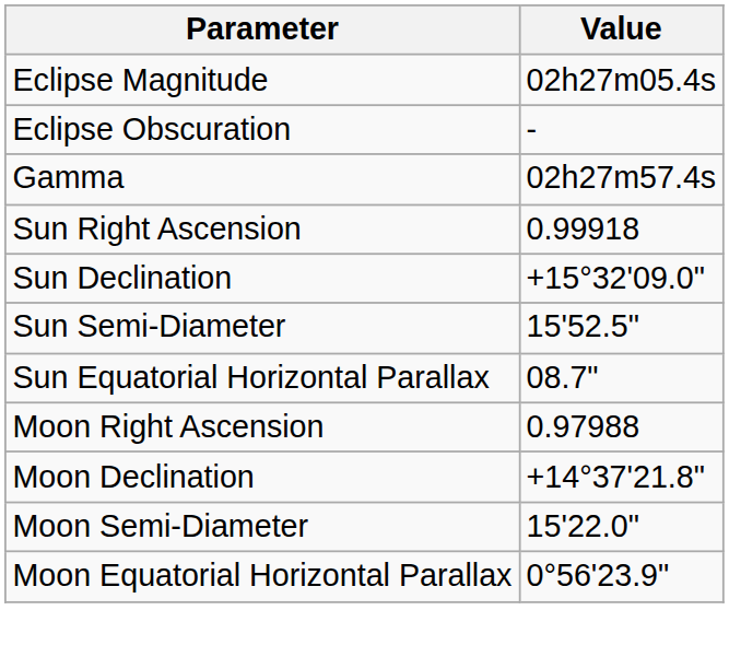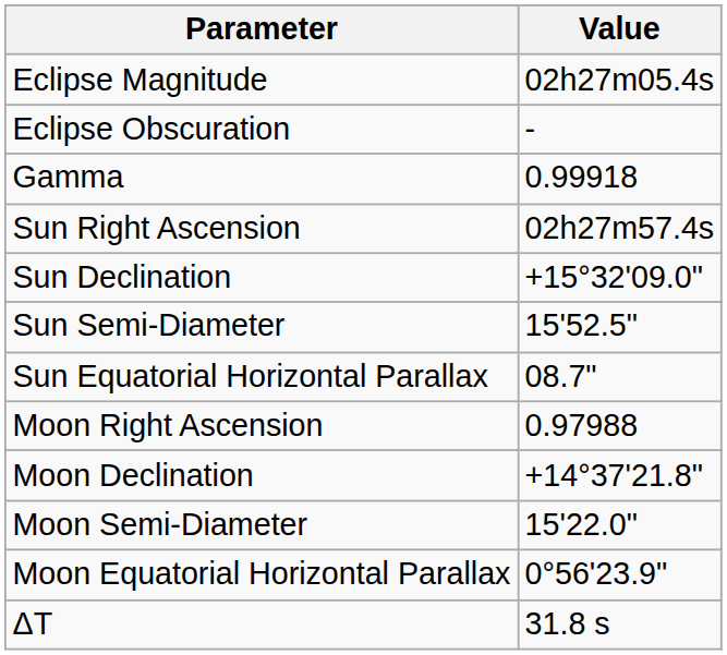 <table class="wikitable">
 <tr>
 <th>Parameter</th>
 <th>Value</th>
 </tr>
 <tr>
 <td>Eclipse Magnitude</td>
 <td>02h27m05.4s</td>
 </tr>
 <tr>
 <td>Eclipse Obscuration</td>
 <td>-</td>
 </tr>
 <tr>
 <td>Gamma</td>
-<td>02h27m57.4s</td>
+<td>0.99918</td>
 </tr>
 <tr>
 <td>Sun Right Ascension</td>
-<td>0.99918</td>
+<td>02h27m57.4s</td>
 </tr>
 <tr>
 <td>Sun Declination</td>
 <td>+15°32'09.0"</td>
 </tr>
 <tr>
 <td>Sun Semi-Diameter</td>
 <td>15'52.5"</td>
 </tr>
 <tr>
 <td>Sun Equatorial Horizontal Parallax</td>
 <td>08.7"</td>
 </tr>
 <tr>
 <td>Moon Right Ascension</td>
 <td>0.97988</td>
 </tr>
 <tr>
 <td>Moon Declination</td>
 <td>+14°37'21.8"</td>
 </tr>
 <tr>
 <td>Moon Semi-Diameter</td>
 <td>15'22.0"</td>
 </tr>
 <tr>
 <td>Moon Equatorial Horizontal Parallax</td>
 <td>0°56'23.9"</td>
 </tr>
+<tr>
+<td>ΔT</td>
+<td>31.8 s</td>
+</tr>
 </table>
